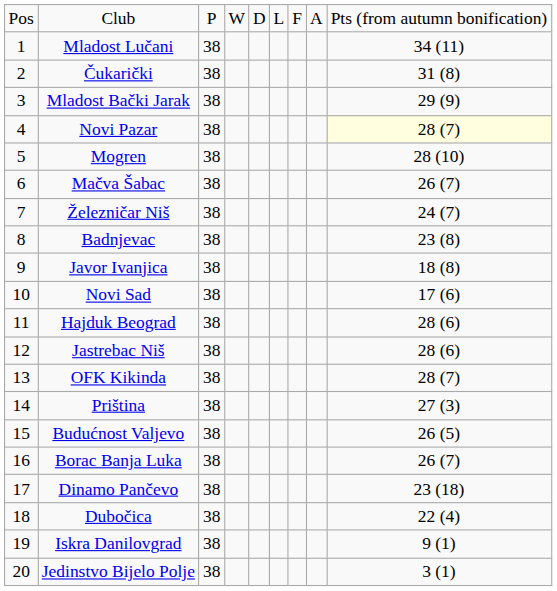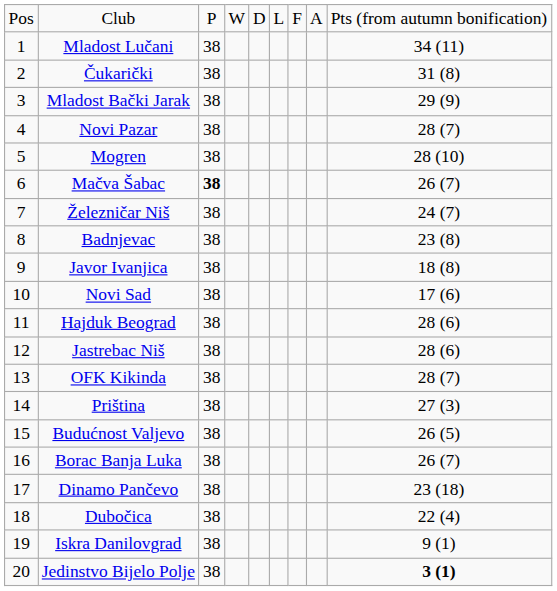 <table class="wikitable" style="text-align: center;">
 <tr>
 <td>Pos</td>
 <td>Club</td>
 <td>P</td>
 <td>W</td>
 <td>D</td>
 <td>L</td>
 <td>F</td>
 <td>A</td>
 <td>Pts (from autumn bonification)</td>
 </tr>
 <tr>
 <td>1</td>
 <td><a href='#'>Mladost Lučani</a></td>
 <td>38</td>
 <td></td>
 <td></td>
 <td></td>
 <td></td>
 <td></td>
 <td>34 (11)</td>
 </tr>
 <tr>
 <td>2</td>
 <td><a href='#'>Čukarički</a></td>
 <td>38</td>
 <td></td>
 <td></td>
 <td></td>
 <td></td>
 <td></td>
 <td>31 (8)</td>
 </tr>
 <tr>
 <td>3</td>
 <td><a href='#'>Mladost Bački Jarak</a></td>
 <td>38</td>
 <td></td>
 <td></td>
 <td></td>
 <td></td>
 <td></td>
 <td>29 (9)</td>
 </tr>
 <tr>
 <td>4</td>
 <td><a href='#'>Novi Pazar</a></td>
 <td>38</td>
 <td></td>
 <td></td>
 <td></td>
 <td></td>
 <td></td>
-<td style="background: lightyellow;">28 (7)</td>
+<td>28 (7)</td>
 </tr>
 <tr>
 <td>5</td>
 <td><a href='#'>Mogren</a></td>
 <td>38</td>
 <td></td>
 <td></td>
 <td></td>
 <td></td>
 <td></td>
 <td>28 (10)</td>
 </tr>
 <tr>
 <td>6</td>
 <td><a href='#'>Mačva Šabac</a></td>
-<td>38</td>
+<td><strong>38</strong></td>
 <td></td>
 <td></td>
 <td></td>
 <td></td>
 <td></td>
 <td>26 (7)</td>
 </tr>
 <tr>
 <td>7</td>
 <td><a href='#'>Železničar Niš</a></td>
 <td>38</td>
 <td></td>
 <td></td>
 <td></td>
 <td></td>
 <td></td>
 <td>24 (7)</td>
 </tr>
 <tr>
 <td>8</td>
 <td><a href='#'>Badnjevac</a></td>
 <td>38</td>
 <td></td>
 <td></td>
 <td></td>
 <td></td>
 <td></td>
 <td>23 (8)</td>
 </tr>
 <tr>
 <td>9</td>
 <td><a href='#'>Javor Ivanjica</a></td>
 <td>38</td>
 <td></td>
 <td></td>
 <td></td>
 <td></td>
 <td></td>
 <td>18 (8)</td>
 </tr>
 <tr>
 <td>10</td>
 <td><a href='#'>Novi Sad</a></td>
 <td>38</td>
 <td></td>
 <td></td>
 <td></td>
 <td></td>
 <td></td>
 <td>17 (6)</td>
 </tr>
 <tr>
 <td>11</td>
 <td><a href='#'>Hajduk Beograd</a></td>
 <td>38</td>
 <td></td>
 <td></td>
 <td></td>
 <td></td>
 <td></td>
 <td>28 (6)</td>
 </tr>
 <tr>
 <td>12</td>
 <td><a href='#'>Jastrebac Niš</a></td>
 <td>38</td>
 <td></td>
 <td></td>
 <td></td>
 <td></td>
 <td></td>
 <td>28 (6)</td>
 </tr>
 <tr>
 <td>13</td>
 <td><a href='#'>OFK Kikinda</a></td>
 <td>38</td>
 <td></td>
 <td></td>
 <td></td>
 <td></td>
 <td></td>
 <td>28 (7)</td>
 </tr>
 <tr>
 <td>14</td>
 <td><a href='#'>Priština</a></td>
 <td>38</td>
 <td></td>
 <td></td>
 <td></td>
 <td></td>
 <td></td>
 <td>27 (3)</td>
 </tr>
 <tr>
 <td>15</td>
 <td><a href='#'>Budućnost Valjevo</a></td>
 <td>38</td>
 <td></td>
 <td></td>
 <td></td>
 <td></td>
 <td></td>
 <td>26 (5)</td>
 </tr>
 <tr>
 <td>16</td>
 <td><a href='#'>Borac Banja Luka</a></td>
 <td>38</td>
 <td></td>
 <td></td>
 <td></td>
 <td></td>
 <td></td>
 <td>26 (7)</td>
 </tr>
 <tr>
 <td>17</td>
 <td><a href='#'>Dinamo Pančevo</a></td>
 <td>38</td>
 <td></td>
 <td></td>
 <td></td>
 <td></td>
 <td></td>
 <td>23 (18)</td>
 </tr>
 <tr>
 <td>18</td>
 <td><a href='#'>Dubočica</a></td>
 <td>38</td>
 <td></td>
 <td></td>
 <td></td>
 <td></td>
 <td></td>
 <td>22 (4)</td>
 </tr>
 <tr>
 <td>19</td>
 <td><a href='#'>Iskra Danilovgrad</a></td>
 <td>38</td>
 <td></td>
 <td></td>
 <td></td>
 <td></td>
 <td></td>
 <td>9 (1)</td>
 </tr>
 <tr>
 <td>20</td>
 <td><a href='#'>Jedinstvo Bijelo Polje</a></td>
 <td>38</td>
 <td></td>
 <td></td>
 <td></td>
 <td></td>
 <td></td>
-<td>3 (1)</td>
+<td><strong>3 (1)</strong></td>
 </tr>
 </table>
